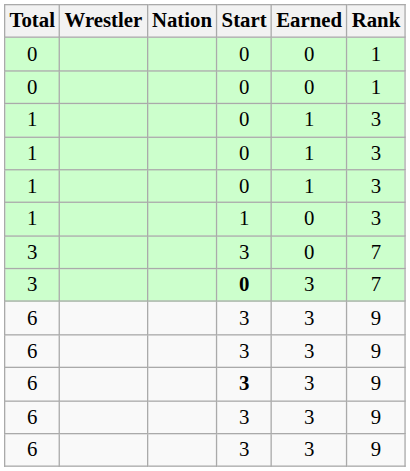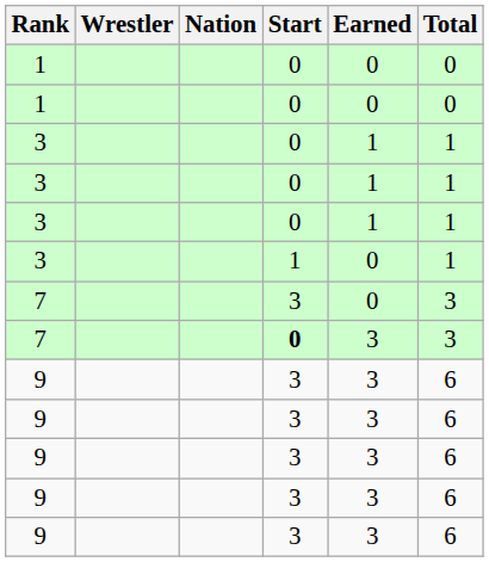 <table class="wikitable sortable" style="text-align:center;">
 <tr>
-<th>Total</th>
+<th>Rank</th>
 <th>Wrestler</th>
 <th>Nation</th>
 <th>Start</th>
 <th>Earned</th>
-<th>Rank</th>
-</tr>
-<tr style="background:#cfc;">
-<td>0</td>
-<td align=left></td>
-<td align=left></td>
-<td>0</td>
-<td>0</td>
-<td>1</td>
-</tr>
-<tr style="background:#cfc;">
-<td>0</td>
-<td align=left></td>
-<td align=left></td>
-<td>0</td>
-<td>0</td>
-<td>1</td>
+<th>Total</th>
 </tr>
 <tr style="background:#cfc;">
 <td>1</td>
 <td align=left></td>
 <td align=left></td>
 <td>0</td>
-<td>1</td>
-<td>3</td>
+<td>0</td>
+<td>0</td>
 </tr>
 <tr style="background:#cfc;">
 <td>1</td>
 <td align=left></td>
 <td align=left></td>
 <td>0</td>
-<td>1</td>
-<td>3</td>
-</tr>
-<tr style="background:#cfc;">
-<td>1</td>
-<td align=left></td>
-<td align=left></td>
 <td>0</td>
-<td>1</td>
-<td>3</td>
-</tr>
-<tr style="background:#cfc;">
-<td>1</td>
-<td align=left></td>
-<td align=left></td>
-<td>1</td>
 <td>0</td>
-<td>3</td>
 </tr>
 <tr style="background:#cfc;">
 <td>3</td>
 <td align=left></td>
 <td align=left></td>
-<td>3</td>
 <td>0</td>
-<td>7</td>
+<td>1</td>
+<td>1</td>
 </tr>
 <tr style="background:#cfc;">
 <td>3</td>
 <td align=left></td>
 <td align=left></td>
+<td>0</td>
+<td>1</td>
+<td>1</td>
+</tr>
+<tr style="background:#cfc;">
+<td>3</td>
+<td align=left></td>
+<td align=left></td>
+<td>0</td>
+<td>1</td>
+<td>1</td>
+</tr>
+<tr style="background:#cfc;">
+<td>3</td>
+<td align=left></td>
+<td align=left></td>
+<td>1</td>
+<td>0</td>
+<td>1</td>
+</tr>
+<tr style="background:#cfc;">
+<td>7</td>
+<td align=left></td>
+<td align=left></td>
+<td>3</td>
+<td>0</td>
+<td>3</td>
+</tr>
+<tr style="background:#cfc;">
+<td>7</td>
+<td align=left></td>
+<td align=left></td>
 <td><strong>0</strong></td>
 <td>3</td>
-<td>7</td>
+<td>3</td>
 </tr>
 <tr>
-<td>6</td>
+<td>9</td>
 <td align=left></td>
 <td align=left></td>
 <td>3</td>
 <td>3</td>
-<td>9</td>
+<td>6</td>
 </tr>
 <tr>
-<td>6</td>
+<td>9</td>
 <td align=left></td>
 <td align=left></td>
 <td>3</td>
 <td>3</td>
-<td>9</td>
+<td>6</td>
 </tr>
 <tr>
-<td>6</td>
-<td align=left></td>
-<td align=left></td>
-<td><strong>3</strong></td>
-<td>3</td>
 <td>9</td>
-</tr>
-<tr>
-<td>6</td>
 <td align=left></td>
 <td align=left></td>
 <td>3</td>
 <td>3</td>
-<td>9</td>
+<td>6</td>
 </tr>
 <tr>
-<td>6</td>
+<td>9</td>
 <td align=left></td>
 <td align=left></td>
 <td>3</td>
 <td>3</td>
+<td>6</td>
+</tr>
+<tr>
 <td>9</td>
+<td align=left></td>
+<td align=left></td>
+<td>3</td>
+<td>3</td>
+<td>6</td>
 </tr>
 </table>
